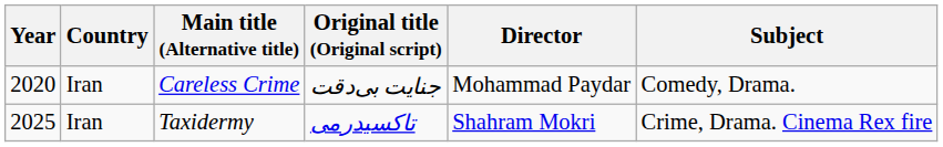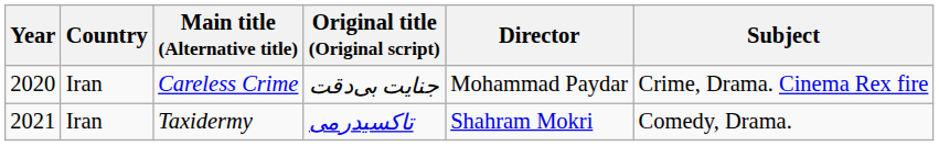 <table class="wikitable sortable">
 <tr>
 <th>Year</th>
 <th>Country</th>
 <th class="unsortable">Main title<br><small>(Alternative title)</small></th>
 <th class="unsortable">Original title<br><small>(Original script)</small></th>
 <th>Director</th>
 <th class="unsortable">Subject</th>
 </tr>
 <tr>
 <td>2020</td>
 <td>Iran</td>
 <td><em><a href='#'>Careless Crime</a></em></td>
 <td><em>جنایت بی‌دقت</em></td>
 <td>Mohammad Paydar</td>
-<td>Comedy, Drama.</td>
+<td>Crime, Drama. <a href='#'>Cinema Rex fire</a></td>
 </tr>
 <tr>
-<td>2025</td>
+<td>2021</td>
 <td>Iran</td>
 <td><em>Taxidermy</em></td>
 <td><em><a href='#'>تاکسیدرمی</a></em></td>
 <td><a href='#'>Shahram Mokri</a></td>
-<td>Crime, Drama. <a href='#'>Cinema Rex fire</a></td>
+<td>Comedy, Drama.</td>
 </tr>
 </table>
